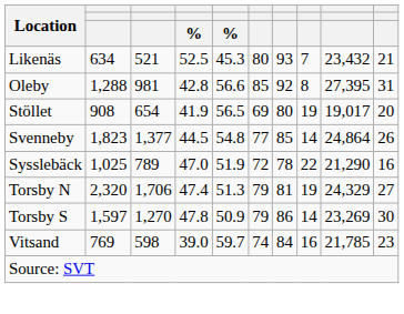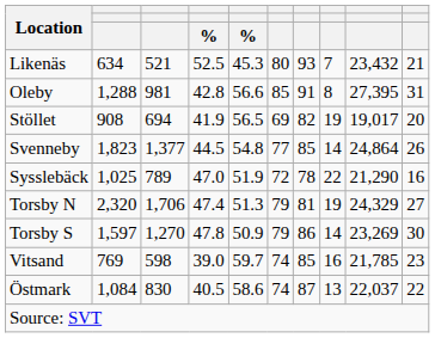 <table role="presentation" class="wikitable sortable mw-collapsible">
 <tr>
 <th rowspan="3">Location</th>
 <th></th>
 <th></th>
 <th></th>
 <th></th>
 <th></th>
 <th></th>
 <th></th>
 <th></th>
 <th></th>
 </tr>
 <tr>
 <th></th>
 <th></th>
 <th style="background:"></th>
 <th style="background:"></th>
 <th></th>
 <th></th>
 <th></th>
 <th></th>
 <th></th>
 </tr>
 <tr>
 <th data-sort-type="number"></th>
 <th data-sort-type="number"></th>
 <th data-sort-type="number">%</th>
 <th data-sort-type="number">%</th>
 <th data-sort-type="number"></th>
 <th data-sort-type="number"></th>
 <th data-sort-type="number"></th>
 <th data-sort-type="number"></th>
 <th data-sort-type="number"></th>
 </tr>
 <tr>
 <td align="left">Likenäs</td>
 <td>634</td>
 <td>521</td>
 <td>52.5</td>
 <td>45.3</td>
 <td>80</td>
 <td>93</td>
 <td>7</td>
 <td>23,432</td>
 <td>21</td>
 </tr>
 <tr>
 <td align="left">Oleby</td>
 <td>1,288</td>
 <td>981</td>
 <td>42.8</td>
 <td>56.6</td>
 <td>85</td>
-<td>92</td>
+<td>91</td>
 <td>8</td>
 <td>27,395</td>
 <td>31</td>
 </tr>
 <tr>
 <td align="left">Stöllet</td>
 <td>908</td>
-<td>654</td>
+<td>694</td>
 <td>41.9</td>
 <td>56.5</td>
 <td>69</td>
-<td>80</td>
+<td>82</td>
 <td>19</td>
 <td>19,017</td>
 <td>20</td>
 </tr>
 <tr>
 <td align="left">Svenneby</td>
 <td>1,823</td>
 <td>1,377</td>
 <td>44.5</td>
 <td>54.8</td>
 <td>77</td>
 <td>85</td>
 <td>14</td>
 <td>24,864</td>
 <td>26</td>
 </tr>
 <tr>
 <td align="left">Sysslebäck</td>
 <td>1,025</td>
 <td>789</td>
 <td>47.0</td>
 <td>51.9</td>
 <td>72</td>
 <td>78</td>
 <td>22</td>
 <td>21,290</td>
 <td>16</td>
 </tr>
 <tr>
 <td align="left">Torsby N</td>
 <td>2,320</td>
 <td>1,706</td>
 <td>47.4</td>
 <td>51.3</td>
 <td>79</td>
 <td>81</td>
 <td>19</td>
 <td>24,329</td>
 <td>27</td>
 </tr>
 <tr>
 <td align="left">Torsby S</td>
 <td>1,597</td>
 <td>1,270</td>
 <td>47.8</td>
 <td>50.9</td>
 <td>79</td>
 <td>86</td>
 <td>14</td>
 <td>23,269</td>
 <td>30</td>
 </tr>
 <tr>
 <td align="left">Vitsand</td>
 <td>769</td>
 <td>598</td>
 <td>39.0</td>
 <td>59.7</td>
 <td>74</td>
-<td>84</td>
+<td>85</td>
 <td>16</td>
 <td>21,785</td>
 <td>23</td>
 </tr>
 <tr>
+<td align="left">Östmark</td>
+<td>1,084</td>
+<td>830</td>
+<td>40.5</td>
+<td>58.6</td>
+<td>74</td>
+<td>87</td>
+<td>13</td>
+<td>22,037</td>
+<td>22</td>
+</tr>
+<tr>
 <td colspan="10" align="left">Source: <a href='#'>SVT</a></td>
 </tr>
 </table>
